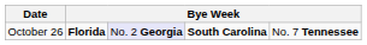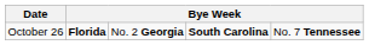 <table class="wikitable" style="font-size:95%;">
 <tr>
 <th>Date</th>
 <th colspan="4">Bye Week</th>
 </tr>
 <tr>
 <td>October 26</td>
 <td><strong>Florida</strong></td>
-<td style="background: lavender;">No. 2 <strong>Georgia</strong></td>
+<td>No. 2 <strong>Georgia</strong></td>
 <td><strong>South Carolina</strong></td>
 <td>No. 7 <strong>Tennessee</strong></td>
 </tr>
 </table>
